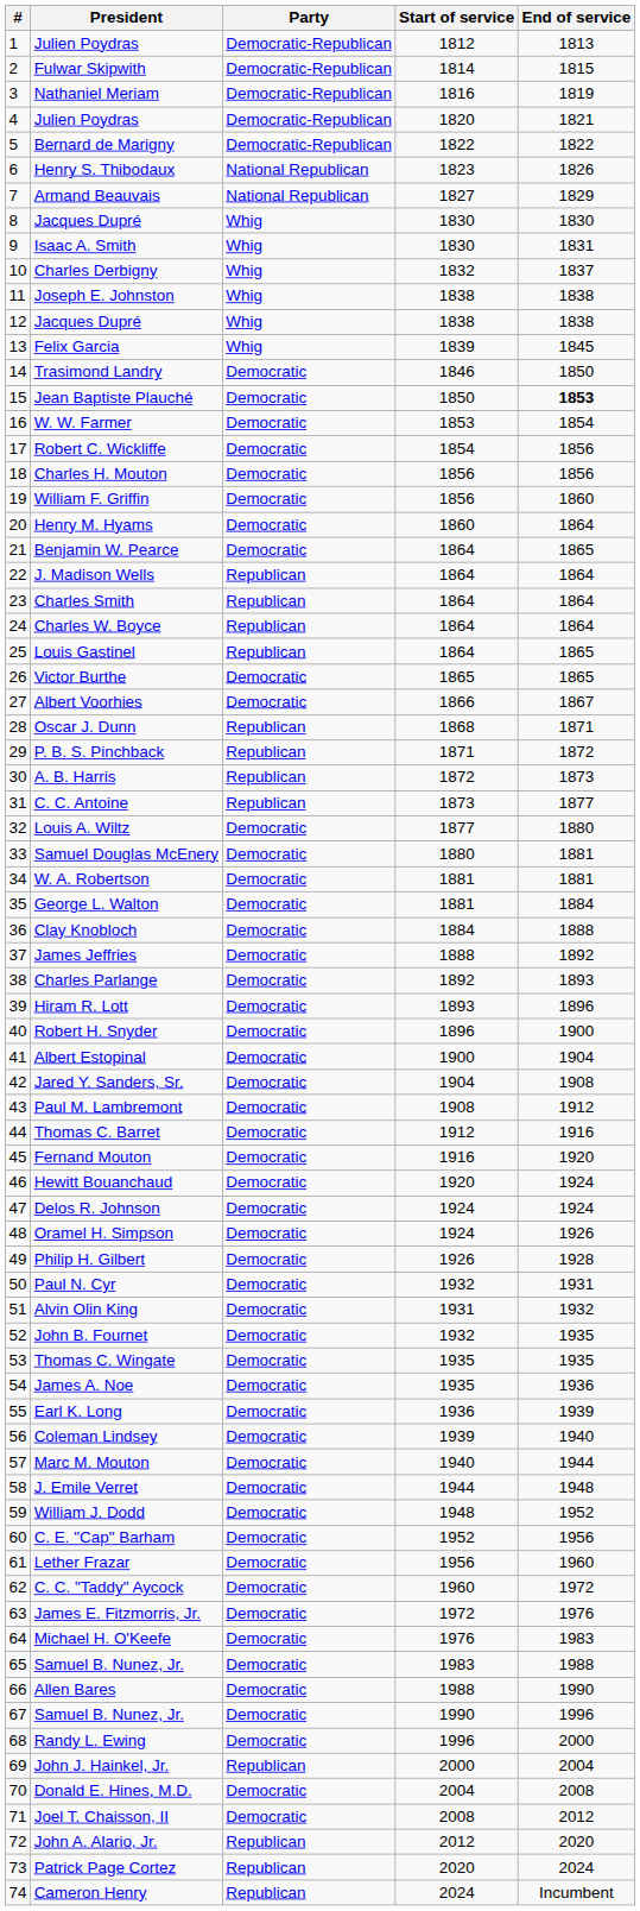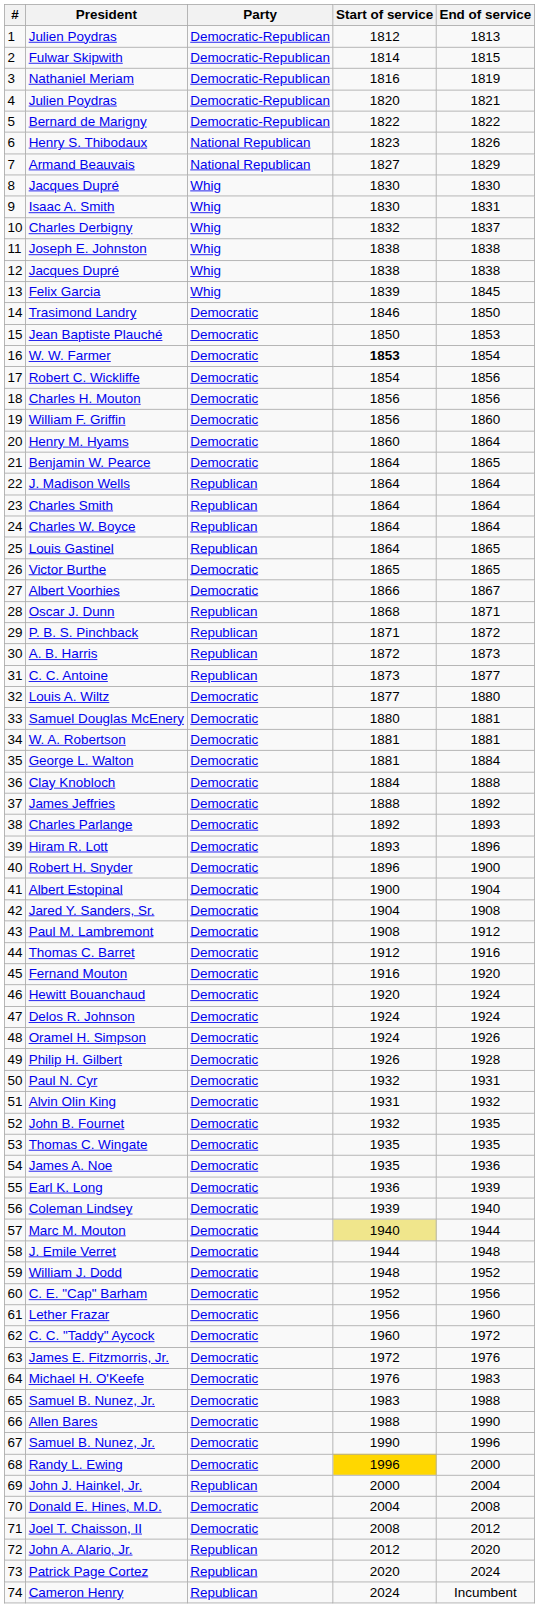 <table class=wikitable>
 <tr>
 <th>#</th>
 <th>President</th>
 <th>Party</th>
 <th>Start of service</th>
 <th>End of service</th>
 </tr>
 <tr>
 <td>1</td>
 <td><a href='#'>Julien Poydras</a></td>
 <td><a href='#'>Democratic-Republican</a></td>
 <td align=center>1812</td>
 <td align=center>1813</td>
 </tr>
 <tr>
 <td>2</td>
 <td><a href='#'>Fulwar Skipwith</a></td>
 <td><a href='#'>Democratic-Republican</a></td>
 <td align=center>1814</td>
 <td align=center>1815</td>
 </tr>
 <tr>
 <td>3</td>
 <td><a href='#'>Nathaniel Meriam</a></td>
 <td><a href='#'>Democratic-Republican</a></td>
 <td align=center>1816</td>
 <td align=center>1819</td>
 </tr>
 <tr>
 <td>4</td>
 <td><a href='#'>Julien Poydras</a></td>
 <td><a href='#'>Democratic-Republican</a></td>
 <td align=center>1820</td>
 <td align=center>1821</td>
 </tr>
 <tr>
 <td>5</td>
 <td><a href='#'>Bernard de Marigny</a></td>
 <td><a href='#'>Democratic-Republican</a></td>
 <td align=center>1822</td>
 <td align=center>1822</td>
 </tr>
 <tr>
 <td>6</td>
 <td><a href='#'>Henry S. Thibodaux</a></td>
 <td><a href='#'>National Republican</a></td>
 <td align=center>1823</td>
 <td align=center>1826</td>
 </tr>
 <tr>
 <td>7</td>
 <td><a href='#'>Armand Beauvais</a></td>
 <td><a href='#'>National Republican</a></td>
 <td align=center>1827</td>
 <td align=center>1829</td>
 </tr>
 <tr>
 <td>8</td>
 <td><a href='#'>Jacques Dupré</a></td>
 <td><a href='#'>Whig</a></td>
 <td align=center>1830</td>
 <td align=center>1830</td>
 </tr>
 <tr>
 <td>9</td>
 <td><a href='#'>Isaac A. Smith</a></td>
 <td><a href='#'>Whig</a></td>
 <td align=center>1830</td>
 <td align=center>1831</td>
 </tr>
 <tr>
 <td>10</td>
 <td><a href='#'>Charles Derbigny</a></td>
 <td><a href='#'>Whig</a></td>
 <td align=center>1832</td>
 <td align=center>1837</td>
 </tr>
 <tr>
 <td>11</td>
 <td><a href='#'>Joseph E. Johnston</a></td>
 <td><a href='#'>Whig</a></td>
 <td align=center>1838</td>
 <td align=center>1838</td>
 </tr>
 <tr>
 <td>12</td>
 <td><a href='#'>Jacques Dupré</a></td>
 <td><a href='#'>Whig</a></td>
 <td align=center>1838</td>
 <td align=center>1838</td>
 </tr>
 <tr>
 <td>13</td>
 <td><a href='#'>Felix Garcia</a></td>
 <td><a href='#'>Whig</a></td>
 <td align=center>1839</td>
 <td align=center>1845</td>
 </tr>
 <tr>
 <td>14</td>
 <td><a href='#'>Trasimond Landry</a></td>
 <td><a href='#'>Democratic</a></td>
 <td align=center>1846</td>
 <td align=center>1850</td>
 </tr>
 <tr>
 <td>15</td>
 <td><a href='#'>Jean Baptiste Plauché</a></td>
 <td><a href='#'>Democratic</a></td>
 <td align=center>1850</td>
-<td align=center><strong>1853</strong></td>
+<td align=center>1853</td>
 </tr>
 <tr>
 <td>16</td>
 <td><a href='#'>W. W. Farmer</a></td>
 <td><a href='#'>Democratic</a></td>
-<td align=center>1853</td>
+<td align=center><strong>1853</strong></td>
 <td align=center>1854</td>
 </tr>
 <tr>
 <td>17</td>
 <td><a href='#'>Robert C. Wickliffe</a></td>
 <td><a href='#'>Democratic</a></td>
 <td align=center>1854</td>
 <td align=center>1856</td>
 </tr>
 <tr>
 <td>18</td>
 <td><a href='#'>Charles H. Mouton</a></td>
 <td><a href='#'>Democratic</a></td>
 <td align=center>1856</td>
 <td align=center>1856</td>
 </tr>
 <tr>
 <td>19</td>
 <td><a href='#'>William F. Griffin</a></td>
 <td><a href='#'>Democratic</a></td>
 <td align=center>1856</td>
 <td align=center>1860</td>
 </tr>
 <tr>
 <td>20</td>
 <td><a href='#'>Henry M. Hyams</a></td>
 <td><a href='#'>Democratic</a></td>
 <td align=center>1860</td>
 <td align=center>1864</td>
 </tr>
 <tr>
 <td>21</td>
 <td><a href='#'>Benjamin W. Pearce</a></td>
 <td><a href='#'>Democratic</a></td>
 <td align=center>1864</td>
 <td align=center>1865</td>
 </tr>
 <tr>
 <td>22</td>
 <td><a href='#'>J. Madison Wells</a></td>
 <td><a href='#'>Republican</a></td>
 <td align=center>1864</td>
 <td align=center>1864</td>
 </tr>
 <tr>
 <td>23</td>
 <td><a href='#'>Charles Smith</a></td>
 <td><a href='#'>Republican</a></td>
 <td align=center>1864</td>
 <td align=center>1864</td>
 </tr>
 <tr>
 <td>24</td>
 <td><a href='#'>Charles W. Boyce</a></td>
 <td><a href='#'>Republican</a></td>
 <td align=center>1864</td>
 <td align=center>1864</td>
 </tr>
 <tr>
 <td>25</td>
 <td><a href='#'>Louis Gastinel</a></td>
 <td><a href='#'>Republican</a></td>
 <td align=center>1864</td>
 <td align=center>1865</td>
 </tr>
 <tr>
 <td>26</td>
 <td><a href='#'>Victor Burthe</a></td>
 <td><a href='#'>Democratic</a></td>
 <td align=center>1865</td>
 <td align=center>1865</td>
 </tr>
 <tr>
 <td>27</td>
 <td><a href='#'>Albert Voorhies</a></td>
 <td><a href='#'>Democratic</a></td>
 <td align=center>1866</td>
 <td align=center>1867</td>
 </tr>
 <tr>
 <td>28</td>
 <td><a href='#'>Oscar J. Dunn</a></td>
 <td><a href='#'>Republican</a></td>
 <td align=center>1868</td>
 <td align=center>1871</td>
 </tr>
 <tr>
 <td>29</td>
 <td><a href='#'>P. B. S. Pinchback</a></td>
 <td><a href='#'>Republican</a></td>
 <td align=center>1871</td>
 <td align=center>1872</td>
 </tr>
 <tr>
 <td>30</td>
 <td><a href='#'>A. B. Harris</a></td>
 <td><a href='#'>Republican</a></td>
 <td align=center>1872</td>
 <td align=center>1873</td>
 </tr>
 <tr>
 <td>31</td>
 <td><a href='#'>C. C. Antoine</a></td>
 <td><a href='#'>Republican</a></td>
 <td align=center>1873</td>
 <td align=center>1877</td>
 </tr>
 <tr>
 <td>32</td>
 <td><a href='#'>Louis A. Wiltz</a></td>
 <td><a href='#'>Democratic</a></td>
 <td align=center>1877</td>
 <td align=center>1880</td>
 </tr>
 <tr>
 <td>33</td>
 <td><a href='#'>Samuel Douglas McEnery</a></td>
 <td><a href='#'>Democratic</a></td>
 <td align=center>1880</td>
 <td align=center>1881</td>
 </tr>
 <tr>
 <td>34</td>
 <td><a href='#'>W. A. Robertson</a></td>
 <td><a href='#'>Democratic</a></td>
 <td align=center>1881</td>
 <td align=center>1881</td>
 </tr>
 <tr>
 <td>35</td>
 <td><a href='#'>George L. Walton</a></td>
 <td><a href='#'>Democratic</a></td>
 <td align=center>1881</td>
 <td align=center>1884</td>
 </tr>
 <tr>
 <td>36</td>
 <td><a href='#'>Clay Knobloch</a></td>
 <td><a href='#'>Democratic</a></td>
 <td align=center>1884</td>
 <td align=center>1888</td>
 </tr>
 <tr>
 <td>37</td>
 <td><a href='#'>James Jeffries</a></td>
 <td><a href='#'>Democratic</a></td>
 <td align=center>1888</td>
 <td align=center>1892</td>
 </tr>
 <tr>
 <td>38</td>
 <td><a href='#'>Charles Parlange</a></td>
 <td><a href='#'>Democratic</a></td>
 <td align=center>1892</td>
 <td align=center>1893</td>
 </tr>
 <tr>
 <td>39</td>
 <td><a href='#'>Hiram R. Lott</a></td>
 <td><a href='#'>Democratic</a></td>
 <td align=center>1893</td>
 <td align=center>1896</td>
 </tr>
 <tr>
 <td>40</td>
 <td><a href='#'>Robert H. Snyder</a></td>
 <td><a href='#'>Democratic</a></td>
 <td align=center>1896</td>
 <td align=center>1900</td>
 </tr>
 <tr>
 <td>41</td>
 <td><a href='#'>Albert Estopinal</a></td>
 <td><a href='#'>Democratic</a></td>
 <td align=center>1900</td>
 <td align=center>1904</td>
 </tr>
 <tr>
 <td>42</td>
 <td><a href='#'>Jared Y. Sanders, Sr.</a></td>
 <td><a href='#'>Democratic</a></td>
 <td align=center>1904</td>
 <td align=center>1908</td>
 </tr>
 <tr>
 <td>43</td>
 <td><a href='#'>Paul M. Lambremont</a></td>
 <td><a href='#'>Democratic</a></td>
 <td align=center>1908</td>
 <td align=center>1912</td>
 </tr>
 <tr>
 <td>44</td>
 <td><a href='#'>Thomas C. Barret</a></td>
 <td><a href='#'>Democratic</a></td>
 <td align=center>1912</td>
 <td align=center>1916</td>
 </tr>
 <tr>
 <td>45</td>
 <td><a href='#'>Fernand Mouton</a></td>
 <td><a href='#'>Democratic</a></td>
 <td align=center>1916</td>
 <td align=center>1920</td>
 </tr>
 <tr>
 <td>46</td>
 <td><a href='#'>Hewitt Bouanchaud</a></td>
 <td><a href='#'>Democratic</a></td>
 <td align=center>1920</td>
 <td align=center>1924</td>
 </tr>
 <tr>
 <td>47</td>
 <td><a href='#'>Delos R. Johnson</a></td>
 <td><a href='#'>Democratic</a></td>
 <td align=center>1924</td>
 <td align=center>1924</td>
 </tr>
 <tr>
 <td>48</td>
 <td><a href='#'>Oramel H. Simpson</a></td>
 <td><a href='#'>Democratic</a></td>
 <td align=center>1924</td>
 <td align=center>1926</td>
 </tr>
 <tr>
 <td>49</td>
 <td><a href='#'>Philip H. Gilbert</a></td>
 <td><a href='#'>Democratic</a></td>
 <td align=center>1926</td>
 <td align=center>1928</td>
 </tr>
 <tr>
 <td>50</td>
 <td><a href='#'>Paul N. Cyr</a></td>
 <td><a href='#'>Democratic</a></td>
 <td align=center>1932</td>
 <td align=center>1931</td>
 </tr>
 <tr>
 <td>51</td>
 <td><a href='#'>Alvin Olin King</a></td>
 <td><a href='#'>Democratic</a></td>
 <td align=center>1931</td>
 <td align=center>1932</td>
 </tr>
 <tr>
 <td>52</td>
 <td><a href='#'>John B. Fournet</a></td>
 <td><a href='#'>Democratic</a></td>
 <td align=center>1932</td>
 <td align=center>1935</td>
 </tr>
 <tr>
 <td>53</td>
 <td><a href='#'>Thomas C. Wingate</a></td>
 <td><a href='#'>Democratic</a></td>
 <td align=center>1935</td>
 <td align=center>1935</td>
 </tr>
 <tr>
 <td>54</td>
 <td><a href='#'>James A. Noe</a></td>
 <td><a href='#'>Democratic</a></td>
 <td align=center>1935</td>
 <td align=center>1936</td>
 </tr>
 <tr>
 <td>55</td>
 <td><a href='#'>Earl K. Long</a></td>
 <td><a href='#'>Democratic</a></td>
 <td align=center>1936</td>
 <td align=center>1939</td>
 </tr>
 <tr>
 <td>56</td>
 <td><a href='#'>Coleman Lindsey</a></td>
 <td><a href='#'>Democratic</a></td>
 <td align=center>1939</td>
 <td align=center>1940</td>
 </tr>
 <tr>
 <td>57</td>
 <td><a href='#'>Marc M. Mouton</a></td>
 <td><a href='#'>Democratic</a></td>
-<td align=center>1940</td>
+<td align=center style="background: khaki;">1940</td>
 <td align=center>1944</td>
 </tr>
 <tr>
 <td>58</td>
 <td><a href='#'>J. Emile Verret</a></td>
 <td><a href='#'>Democratic</a></td>
 <td align=center>1944</td>
 <td align=center>1948</td>
 </tr>
 <tr>
 <td>59</td>
 <td><a href='#'>William J. Dodd</a></td>
 <td><a href='#'>Democratic</a></td>
 <td align=center>1948</td>
 <td align=center>1952</td>
 </tr>
 <tr>
 <td>60</td>
 <td><a href='#'>C. E. "Cap" Barham</a></td>
 <td><a href='#'>Democratic</a></td>
 <td align=center>1952</td>
 <td align=center>1956</td>
 </tr>
 <tr>
 <td>61</td>
 <td><a href='#'>Lether Frazar</a></td>
 <td><a href='#'>Democratic</a></td>
 <td align=center>1956</td>
 <td align=center>1960</td>
 </tr>
 <tr>
 <td>62</td>
 <td><a href='#'>C. C. "Taddy" Aycock</a></td>
 <td><a href='#'>Democratic</a></td>
 <td align=center>1960</td>
 <td align=center>1972</td>
 </tr>
 <tr>
 <td>63</td>
 <td><a href='#'>James E. Fitzmorris, Jr.</a></td>
 <td><a href='#'>Democratic</a></td>
 <td align=center>1972</td>
 <td align=center>1976</td>
 </tr>
 <tr>
 <td>64</td>
 <td><a href='#'>Michael H. O'Keefe</a></td>
 <td><a href='#'>Democratic</a></td>
 <td align=center>1976</td>
 <td align=center>1983</td>
 </tr>
 <tr>
 <td>65</td>
 <td><a href='#'>Samuel B. Nunez, Jr.</a></td>
 <td><a href='#'>Democratic</a></td>
 <td align=center>1983</td>
 <td align=center>1988</td>
 </tr>
 <tr>
 <td>66</td>
 <td><a href='#'>Allen Bares</a></td>
 <td><a href='#'>Democratic</a></td>
 <td align=center>1988</td>
 <td align=center>1990</td>
 </tr>
 <tr>
 <td>67</td>
 <td><a href='#'>Samuel B. Nunez, Jr.</a></td>
 <td><a href='#'>Democratic</a></td>
 <td align=center>1990</td>
 <td align=center>1996</td>
 </tr>
 <tr>
 <td>68</td>
 <td><a href='#'>Randy L. Ewing</a></td>
 <td><a href='#'>Democratic</a></td>
-<td align=center>1996</td>
+<td align=center style="background: gold;">1996</td>
 <td align=center>2000</td>
 </tr>
 <tr>
 <td>69</td>
 <td><a href='#'>John J. Hainkel, Jr.</a></td>
 <td><a href='#'>Republican</a></td>
 <td align=center>2000</td>
 <td align=center>2004</td>
 </tr>
 <tr>
 <td>70</td>
 <td><a href='#'>Donald E. Hines, M.D.</a></td>
 <td><a href='#'>Democratic</a></td>
 <td align=center>2004</td>
 <td align=center>2008</td>
 </tr>
 <tr>
 <td>71</td>
 <td><a href='#'>Joel T. Chaisson, II</a></td>
 <td><a href='#'>Democratic</a></td>
 <td align=center>2008</td>
 <td align=center>2012</td>
 </tr>
 <tr>
 <td>72</td>
 <td><a href='#'>John A. Alario, Jr.</a></td>
 <td><a href='#'>Republican</a></td>
 <td align=center>2012</td>
 <td align=center>2020</td>
 </tr>
 <tr>
 <td>73</td>
 <td><a href='#'>Patrick Page Cortez</a></td>
 <td><a href='#'>Republican</a></td>
 <td align=center>2020</td>
 <td align=center>2024</td>
 </tr>
 <tr>
 <td>74</td>
 <td><a href='#'>Cameron Henry</a></td>
 <td><a href='#'>Republican</a></td>
 <td align=center>2024</td>
 <td align=center>Incumbent</td>
 </tr>
 </table>
